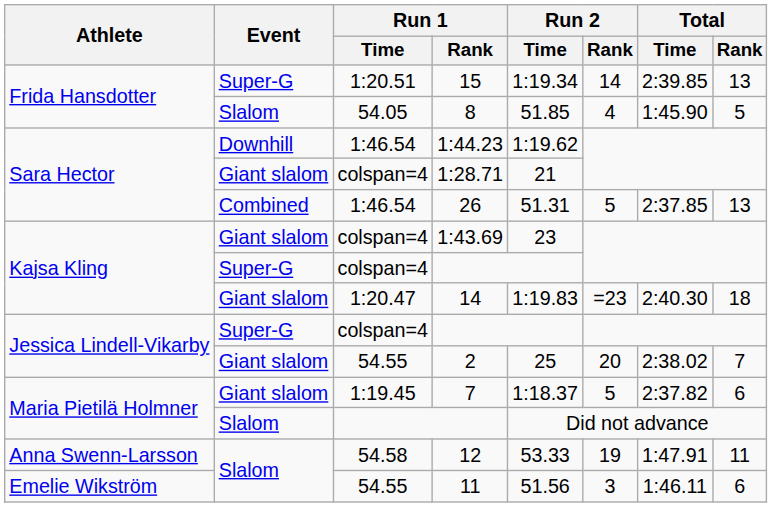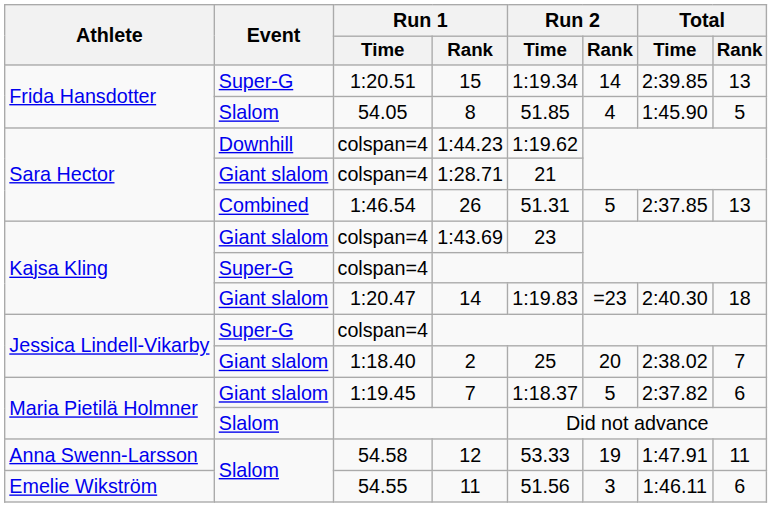 <table class="wikitable" style="font-size:90%">
 <tr>
 <th rowspan=2>Athlete</th>
 <th rowspan=2>Event</th>
 <th colspan=2>Run 1</th>
 <th colspan=2>Run 2</th>
 <th colspan=2>Total</th>
 </tr>
 <tr style="font-size:95%">
 <th>Time</th>
 <th>Rank</th>
 <th>Time</th>
 <th>Rank</th>
 <th>Time</th>
 <th>Rank</th>
 </tr>
 <tr align=center>
 <td rowspan=2 align="left"><a href='#'>Frida Hansdotter</a></td>
 <td align="left"><a href='#'>Super-G</a></td>
 <td>1:20.51</td>
 <td>15</td>
 <td>1:19.34</td>
 <td>14</td>
 <td>2:39.85</td>
 <td>13</td>
 </tr>
 <tr align=center>
 <td align="left"><a href='#'>Slalom</a></td>
 <td>54.05</td>
 <td>8</td>
 <td>51.85</td>
 <td>4</td>
 <td>1:45.90</td>
 <td>5</td>
 </tr>
 <tr align=center>
 <td rowspan=3 align="left"><a href='#'>Sara Hector</a></td>
 <td align="left"><a href='#'>Downhill</a></td>
-<td>1:46.54</td>
+<td>colspan=4 </td>
 <td>1:44.23</td>
 <td>1:19.62</td>
 </tr>
 <tr align=center>
 <td align="left"><a href='#'>Giant slalom</a></td>
 <td>colspan=4 </td>
 <td>1:28.71</td>
 <td>21</td>
 </tr>
 <tr align=center>
 <td align="left"><a href='#'>Combined</a></td>
 <td>1:46.54</td>
 <td>26</td>
 <td>51.31</td>
 <td>5</td>
 <td>2:37.85</td>
 <td>13</td>
 </tr>
 <tr align=center>
 <td rowspan=3 align="left"><a href='#'>Kajsa Kling</a></td>
 <td align="left"><a href='#'>Giant slalom</a></td>
 <td>colspan=4 </td>
 <td>1:43.69</td>
 <td>23</td>
 </tr>
 <tr align=center>
 <td align="left"><a href='#'>Super-G</a></td>
 <td>colspan=4 </td>
 <td colspan=2></td>
 </tr>
 <tr align=center>
 <td align="left"><a href='#'>Giant slalom</a></td>
 <td>1:20.47</td>
 <td>14</td>
 <td>1:19.83</td>
 <td>=23</td>
 <td>2:40.30</td>
 <td>18</td>
 </tr>
 <tr align=center>
 <td rowspan=2 align="left"><a href='#'>Jessica Lindell-Vikarby</a></td>
 <td align="left"><a href='#'>Super-G</a></td>
 <td>colspan=4 </td>
 <td colspan=2></td>
 </tr>
 <tr align=center>
 <td align="left"><a href='#'>Giant slalom</a></td>
-<td>54.55</td>
+<td>1:18.40</td>
 <td>2</td>
 <td>25</td>
 <td>20</td>
 <td>2:38.02</td>
 <td>7</td>
 </tr>
 <tr align=center>
 <td rowspan=2 align="left"><a href='#'>Maria Pietilä Holmner</a></td>
 <td align="left"><a href='#'>Giant slalom</a></td>
 <td>1:19.45</td>
 <td>7</td>
 <td>1:18.37</td>
 <td>5</td>
 <td>2:37.82</td>
 <td>6</td>
 </tr>
 <tr align=center>
 <td align="left"><a href='#'>Slalom</a></td>
 <td colspan=2></td>
 <td colspan=4>Did not advance</td>
 </tr>
 <tr align=center>
 <td align="left"><a href='#'>Anna Swenn-Larsson</a></td>
 <td align="left" rowspan=2><a href='#'>Slalom</a></td>
 <td>54.58</td>
 <td>12</td>
 <td>53.33</td>
 <td>19</td>
 <td>1:47.91</td>
 <td>11</td>
 </tr>
 <tr align=center>
 <td align="left"><a href='#'>Emelie Wikström</a></td>
 <td>54.55</td>
 <td>11</td>
 <td>51.56</td>
 <td>3</td>
 <td>1:46.11</td>
 <td>6</td>
 </tr>
 </table>
